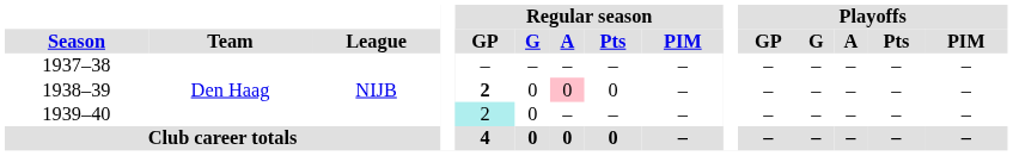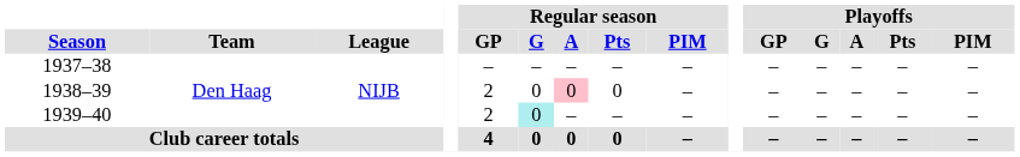 <table BORDER="0" CELLPADDING="1" CELLSPACING="0" width="65%" style="text-align:center">
 <tr bgcolor="#e0e0e0">
 <th colspan="3" bgcolor="#ffffff"> </th>
 <th rowspan="99" bgcolor="#ffffff"> </th>
 <th colspan="5">Regular season</th>
 <th rowspan="99" bgcolor="#ffffff"> </th>
 <th colspan="5">Playoffs</th>
 </tr>
 <tr bgcolor="#e0e0e0">
 <th><a href='#'>Season</a></th>
 <th>Team</th>
 <th>League</th>
 <th>GP</th>
 <th><a href='#'>G</a></th>
 <th><a href='#'>A</a></th>
 <th><a href='#'>Pts</a></th>
 <th><a href='#'>PIM</a></th>
 <th>GP</th>
 <th>G</th>
 <th>A</th>
 <th>Pts</th>
 <th>PIM</th>
 </tr>
 <tr ALIGN="center">
 <td>1937–38</td>
 <td rowspan="3"><a href='#'>Den Haag</a></td>
 <td rowspan="3"><a href='#'>NIJB</a></td>
 <td>–</td>
 <td>–</td>
 <td>–</td>
 <td>–</td>
 <td>–</td>
 <td>–</td>
 <td>–</td>
 <td>–</td>
 <td>–</td>
 <td>–</td>
 </tr>
 <tr>
 <td>1938–39</td>
-<td><strong>2</strong></td>
+<td>2</td>
 <td>0</td>
 <td style="background: pink;">0</td>
 <td>0</td>
 <td>–</td>
 <td>–</td>
 <td>–</td>
 <td>–</td>
 <td>–</td>
 <td>–</td>
 </tr>
 <tr>
 <td>1939–40</td>
-<td style="background: paleturquoise;">2</td>
-<td>0</td>
+<td>2</td>
+<td style="background: paleturquoise;">0</td>
 <td>–</td>
 <td>–</td>
 <td>–</td>
 <td>–</td>
 <td>–</td>
 <td>–</td>
 <td>–</td>
 <td>–</td>
 </tr>
 <tr ALIGN="center" bgcolor="#e0e0e0">
 <th colspan="3" align="center">Club career totals</th>
 <th>4</th>
 <th>0</th>
 <th>0</th>
 <th>0</th>
 <th>–</th>
 <th>–</th>
 <th>–</th>
 <th>–</th>
 <th>–</th>
 <th>–</th>
 </tr>
 </table>
